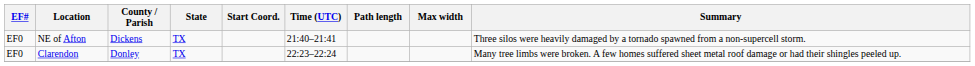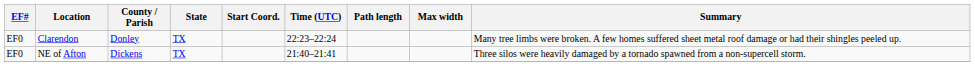 <table class="wikitable sortable" style="width:100%;">
 <tr>
 <th scope="col"  style="width:3%; text-align:center;"><a href='#'>EF#</a></th>
 <th scope="col"  style="width:7%; text-align:center;" class="unsortable">Location</th>
 <th scope="col"  style="width:6%; text-align:center;" class="unsortable">County / Parish</th>
 <th scope="col"  style="width:5%; text-align:center;">State</th>
 <th scope="col"  style="width:6%; text-align:center;">Start Coord.</th>
 <th scope="col"  style="width:6%; text-align:center;">Time (<a href='#'>UTC</a>)</th>
 <th scope="col"  style="width:6%; text-align:center;">Path length</th>
 <th scope="col"  style="width:6%; text-align:center;">Max width</th>
 <th scope="col" class="unsortable" style="width:48%; text-align:center;">Summary</th>
 </tr>
 <tr>
 <td>EF0</td>
+<td><a href='#'>Clarendon</a></td>
+<td><a href='#'>Donley</a></td>
+<td><a href='#'>TX</a></td>
+<td></td>
+<td>22:23–22:24</td>
+<td></td>
+<td></td>
+<td>Many tree limbs were broken. A few homes suffered sheet metal roof damage or had their shingles peeled up.</td>
+</tr>
+<tr>
+<td>EF0</td>
 <td>NE of <a href='#'>Afton</a></td>
 <td><a href='#'>Dickens</a></td>
 <td><a href='#'>TX</a></td>
 <td></td>
 <td>21:40–21:41</td>
 <td></td>
 <td></td>
 <td>Three silos were heavily damaged by a tornado spawned from a non-supercell storm.</td>
 </tr>
 <tr>
-<td>EF0</td>
-<td><a href='#'>Clarendon</a></td>
-<td><a href='#'>Donley</a></td>
-<td><a href='#'>TX</a></td>
-<td></td>
-<td>22:23–22:24</td>
-<td></td>
-<td></td>
-<td>Many tree limbs were broken. A few homes suffered sheet metal roof damage or had their shingles peeled up.</td>
-</tr>
-<tr>
 </tr>
 </table>
